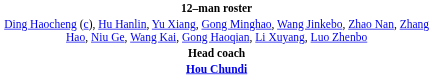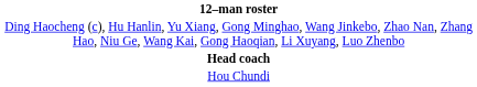 <table style="text-align:center; margin-top:2em; margin-left:auto; margin-right:auto">
 <tr>
 <td><strong>12–man roster</strong></td>
 </tr>
 <tr>
 <td><a href='#'>Ding Haocheng</a> (<a href='#'>c</a>), <a href='#'>Hu Hanlin</a>, <a href='#'>Yu Xiang</a>, <a href='#'>Gong Minghao</a>, <a href='#'>Wang Jinkebo</a>, <a href='#'>Zhao Nan</a>, <a href='#'>Zhang Hao</a>, <a href='#'>Niu Ge</a>, <a href='#'>Wang Kai</a>, <a href='#'>Gong Haoqian</a>, <a href='#'>Li Xuyang</a>, <a href='#'>Luo Zhenbo</a></td>
 </tr>
 <tr>
 <td><strong>Head coach</strong></td>
 </tr>
 <tr>
-<td><strong><a href='#'>Hou Chundi</a></strong></td>
+<td><a href='#'>Hou Chundi</a></td>
 </tr>
 </table>
